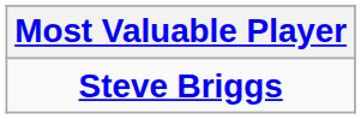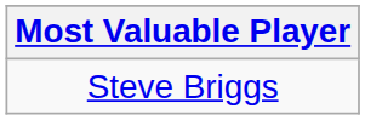 <table class=wikitable style="text-align:center; margin:auto">
 <tr>
 <th><a href='#'>Most Valuable Player</a></th>
 </tr>
 <tr>
-<td><strong> <a href='#'>Steve Briggs</a></strong></td>
+<td> <a href='#'>Steve Briggs</a></td>
 </tr>
 </table>
